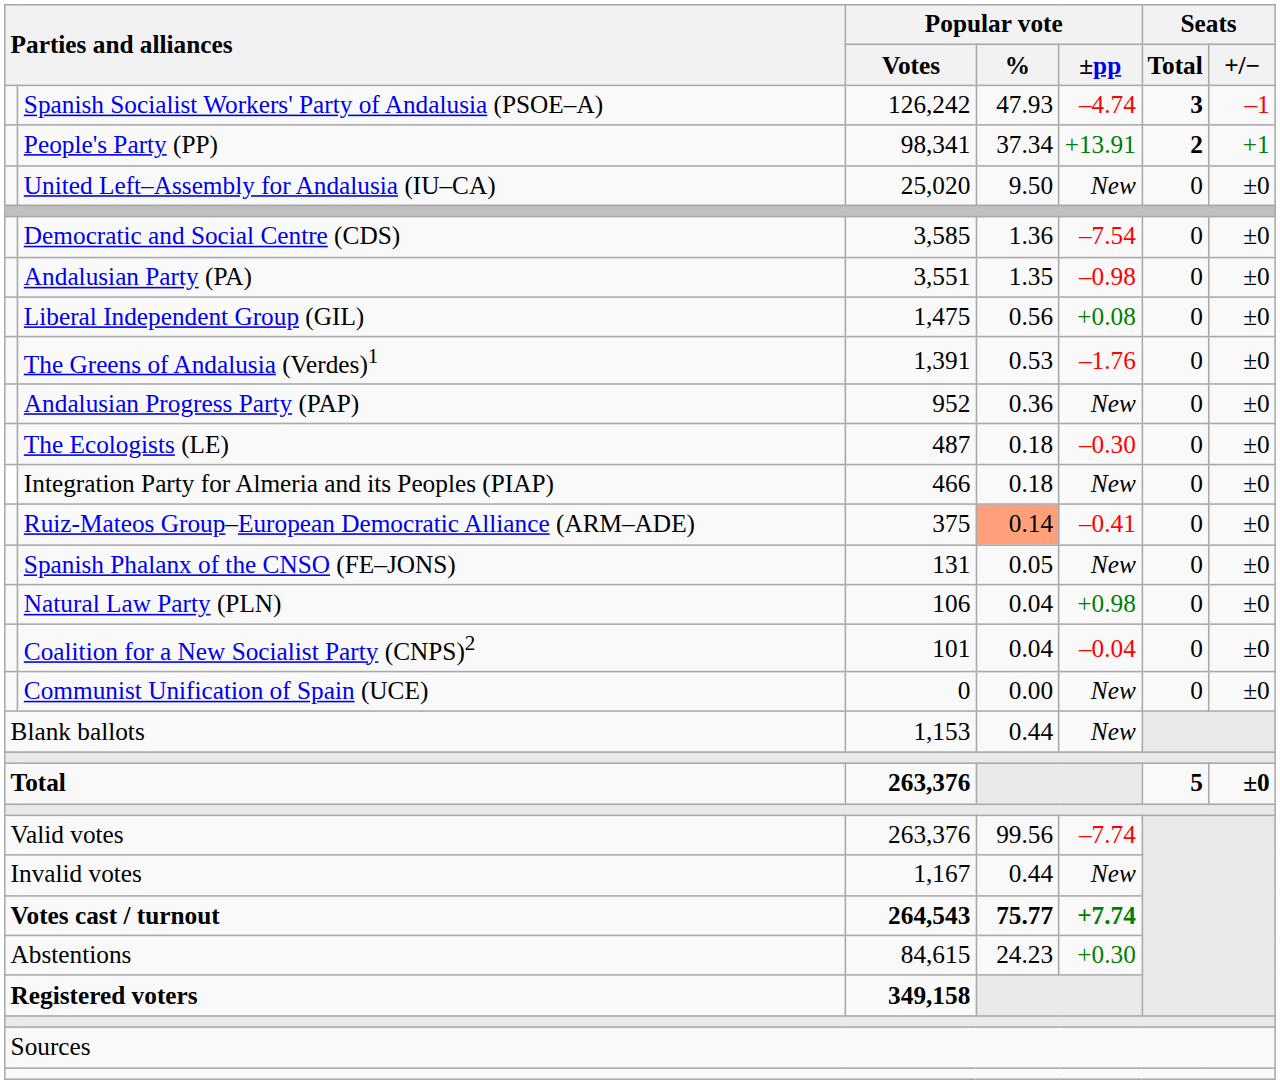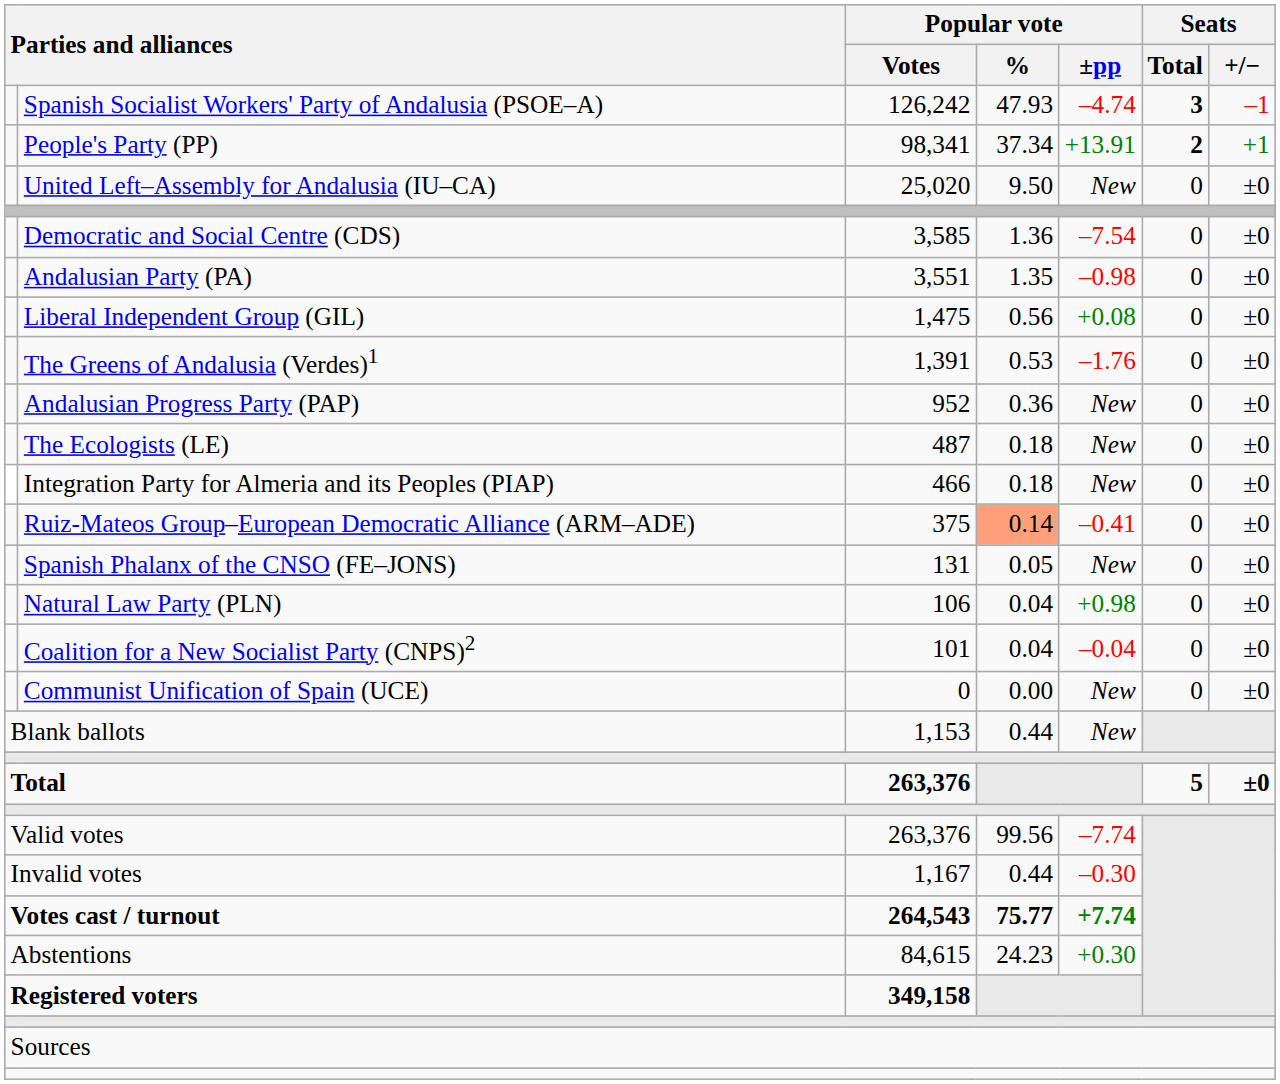 <table class="wikitable" style="text-align:right;">
 <tr>
 <th style="text-align:left;" rowspan="2" colspan="2" width="525">Parties and alliances</th>
 <th colspan="3">Popular vote</th>
 <th colspan="2">Seats</th>
 </tr>
 <tr>
 <th width="75">Votes</th>
 <th width="45">%</th>
 <th width="45">±<a href='#'>pp</a></th>
 <th width="35">Total</th>
 <th width="35">+/−</th>
 </tr>
 <tr>
 <td width="1" style="color:inherit;background:"></td>
 <td align="left"><a href='#'>Spanish Socialist Workers' Party of Andalusia</a> (PSOE–A)</td>
 <td>126,242</td>
 <td>47.93</td>
 <td style="color:red;">–4.74</td>
 <td><strong>3</strong></td>
 <td style="color:red;">–1</td>
 </tr>
 <tr>
 <td style="color:inherit;background:"></td>
 <td align="left"><a href='#'>People's Party</a> (PP)</td>
 <td>98,341</td>
 <td>37.34</td>
 <td style="color:green;">+13.91</td>
 <td><strong>2</strong></td>
 <td style="color:green;">+1</td>
 </tr>
 <tr>
 <td style="color:inherit;background:"></td>
 <td align="left"><a href='#'>United Left–Assembly for Andalusia</a> (IU–CA)</td>
 <td>25,020</td>
 <td>9.50</td>
 <td><em>New</em></td>
 <td>0</td>
 <td>±0</td>
 </tr>
 <tr>
 <td colspan="7" bgcolor="#C0C0C0"></td>
 </tr>
 <tr>
 <td style="color:inherit;background:"></td>
 <td align="left"><a href='#'>Democratic and Social Centre</a> (CDS)</td>
 <td>3,585</td>
 <td>1.36</td>
 <td style="color:red;">–7.54</td>
 <td>0</td>
 <td>±0</td>
 </tr>
 <tr>
 <td style="color:inherit;background:"></td>
 <td align="left"><a href='#'>Andalusian Party</a> (PA)</td>
 <td>3,551</td>
 <td>1.35</td>
 <td style="color:red;">–0.98</td>
 <td>0</td>
 <td>±0</td>
 </tr>
 <tr>
 <td style="color:inherit;background:"></td>
 <td align="left"><a href='#'>Liberal Independent Group</a> (GIL)</td>
 <td>1,475</td>
 <td>0.56</td>
 <td style="color:green;">+0.08</td>
 <td>0</td>
 <td>±0</td>
 </tr>
 <tr>
 <td style="color:inherit;background:"></td>
 <td align="left"><a href='#'>The Greens of Andalusia</a> (Verdes)<sup>1</sup></td>
 <td>1,391</td>
 <td>0.53</td>
 <td style="color:red;">–1.76</td>
 <td>0</td>
 <td>±0</td>
 </tr>
 <tr>
 <td style="color:inherit;background:"></td>
 <td align="left"><a href='#'>Andalusian Progress Party</a> (PAP)</td>
 <td>952</td>
 <td>0.36</td>
 <td><em>New</em></td>
 <td>0</td>
 <td>±0</td>
 </tr>
 <tr>
 <td style="color:inherit;background:"></td>
 <td align="left"><a href='#'>The Ecologists</a> (LE)</td>
 <td>487</td>
 <td>0.18</td>
-<td style="color:red;">–0.30</td>
+<td><em>New</em></td>
 <td>0</td>
 <td>±0</td>
 </tr>
 <tr>
 <td bgcolor="white"></td>
 <td align="left">Integration Party for Almeria and its Peoples (PIAP)</td>
 <td>466</td>
 <td>0.18</td>
 <td><em>New</em></td>
 <td>0</td>
 <td>±0</td>
 </tr>
 <tr>
 <td style="color:inherit;background:"></td>
 <td align="left"><a href='#'>Ruiz-Mateos Group</a>–<a href='#'>European Democratic Alliance</a> (ARM–ADE)</td>
 <td>375</td>
 <td style="background: lightsalmon;">0.14</td>
 <td style="color:red;">–0.41</td>
 <td>0</td>
 <td>±0</td>
 </tr>
 <tr>
 <td style="color:inherit;background:"></td>
 <td align="left"><a href='#'>Spanish Phalanx of the CNSO</a> (FE–JONS)</td>
 <td>131</td>
 <td>0.05</td>
 <td><em>New</em></td>
 <td>0</td>
 <td>±0</td>
 </tr>
 <tr>
 <td style="color:inherit;background:"></td>
 <td align="left"><a href='#'>Natural Law Party</a> (PLN)</td>
 <td>106</td>
 <td>0.04</td>
 <td style="color:green;">+0.98</td>
 <td>0</td>
 <td>±0</td>
 </tr>
 <tr>
 <td style="color:inherit;background:"></td>
 <td align="left"><a href='#'>Coalition for a New Socialist Party</a> (CNPS)<sup>2</sup></td>
 <td>101</td>
 <td>0.04</td>
 <td style="color:red;">–0.04</td>
 <td>0</td>
 <td>±0</td>
 </tr>
 <tr>
 <td style="color:inherit;background:"></td>
 <td align="left"><a href='#'>Communist Unification of Spain</a> (UCE)</td>
 <td>0</td>
 <td>0.00</td>
 <td><em>New</em></td>
 <td>0</td>
 <td>±0</td>
 </tr>
 <tr>
 <td align="left" colspan="2">Blank ballots</td>
 <td>1,153</td>
 <td>0.44</td>
 <td><em>New</em></td>
 <td bgcolor="#E9E9E9" colspan="2"></td>
 </tr>
 <tr>
 <td colspan="7" bgcolor="#E9E9E9"></td>
 </tr>
 <tr style="font-weight:bold;">
 <td align="left" colspan="2">Total</td>
 <td>263,376</td>
 <td bgcolor="#E9E9E9" colspan="2"></td>
 <td>5</td>
 <td>±0</td>
 </tr>
 <tr>
 <td colspan="7" bgcolor="#E9E9E9"></td>
 </tr>
 <tr>
 <td align="left" colspan="2">Valid votes</td>
 <td>263,376</td>
 <td>99.56</td>
 <td style="color:red;">–7.74</td>
 <td bgcolor="#E9E9E9" colspan="2" rowspan="5"></td>
 </tr>
 <tr>
 <td align="left" colspan="2">Invalid votes</td>
 <td>1,167</td>
 <td>0.44</td>
-<td><em>New</em></td>
+<td style="color:red;">–0.30</td>
 </tr>
 <tr style="font-weight:bold;">
 <td align="left" colspan="2">Votes cast / turnout</td>
 <td>264,543</td>
 <td>75.77</td>
 <td style="color:green;">+7.74</td>
 </tr>
 <tr>
 <td align="left" colspan="2">Abstentions</td>
 <td>84,615</td>
 <td>24.23</td>
 <td style="color:green;">+0.30</td>
 </tr>
 <tr style="font-weight:bold;">
 <td align="left" colspan="2">Registered voters</td>
 <td>349,158</td>
 <td bgcolor="#E9E9E9" colspan="2"></td>
 </tr>
 <tr>
 <td colspan="7" bgcolor="#E9E9E9"></td>
 </tr>
 <tr>
 <td align="left" colspan="7">Sources</td>
 </tr>
 <tr>
 <td colspan="7" style="text-align:left; max-width:790px;"></td>
 </tr>
 </table>
